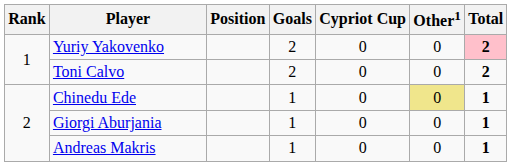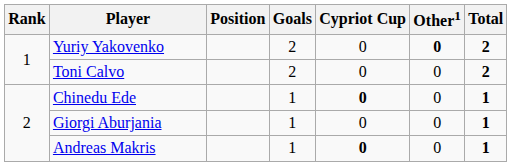 <table class="wikitable">
 <tr>
 <th>Rank</th>
 <th style="width:150px;">Player</th>
 <th>Position</th>
 <th>Goals</th>
 <th>Cypriot Cup</th>
 <th>Other<sup>1</sup></th>
 <th>Total</th>
 </tr>
 <tr>
 <td align=center rowspan=2>1</td>
 <td> <a href='#'>Yuriy Yakovenko</a></td>
 <td align=center></td>
 <td align=center>2</td>
 <td align=center>0</td>
-<td align=center>0</td>
-<td align=center style="background: pink;"><strong>2</strong></td>
+<td align=center><strong>0</strong></td>
+<td align=center><strong>2</strong></td>
 </tr>
 <tr>
 <td> <a href='#'>Toni Calvo</a></td>
 <td align=center></td>
 <td align=center>2</td>
 <td align=center>0</td>
 <td align=center>0</td>
 <td align=center><strong>2</strong></td>
 </tr>
 <tr>
 <td align=center rowspan=3>2</td>
 <td> <a href='#'>Chinedu Ede</a></td>
 <td align=center></td>
 <td align=center>1</td>
+<td align=center><strong>0</strong></td>
 <td align=center>0</td>
-<td align=center style="background: khaki;">0</td>
 <td align=center><strong>1</strong></td>
 </tr>
 <tr>
 <td> <a href='#'>Giorgi Aburjania</a></td>
 <td align=center></td>
 <td align=center>1</td>
 <td align=center>0</td>
 <td align=center>0</td>
 <td align=center><strong>1</strong></td>
 </tr>
 <tr>
 <td> <a href='#'>Andreas Makris</a></td>
 <td align=center></td>
 <td align=center>1</td>
-<td align=center>0</td>
+<td align=center><strong>0</strong></td>
 <td align=center>0</td>
 <td align=center><strong>1</strong></td>
 </tr>
 <tr>
 </tr>
 </table>
